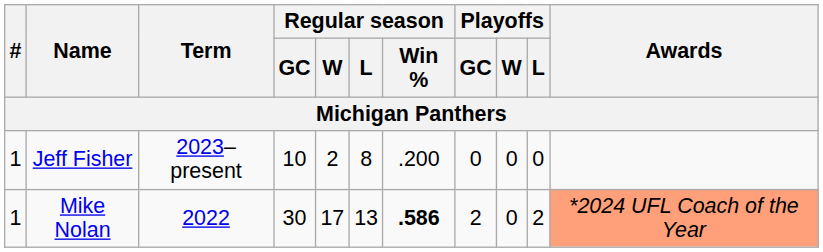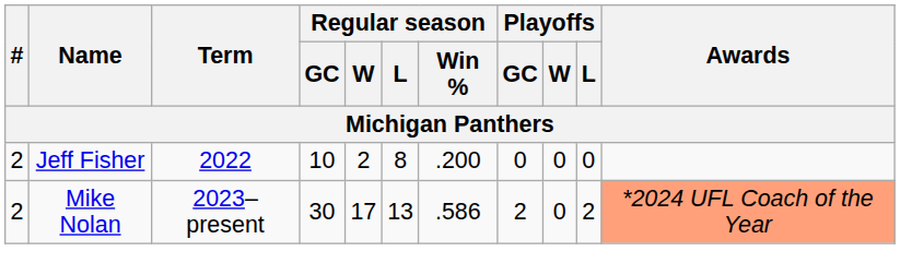 <table class="wikitable" style="text-align:center">
 <tr>
 <th rowspan="2">#</th>
 <th rowspan="2">Name</th>
 <th rowspan="2">Term</th>
 <th colspan="4">Regular season</th>
 <th colspan="3">Playoffs</th>
 <th rowspan="2">Awards</th>
 </tr>
 <tr>
 <th>GC</th>
 <th>W</th>
 <th>L</th>
 <th>Win %</th>
 <th>GC</th>
 <th>W</th>
 <th>L</th>
 </tr>
 <tr>
 <th colspan="11">Michigan Panthers</th>
 </tr>
 <tr>
-<td>1</td>
+<td>2</td>
 <td><a href='#'>Jeff Fisher</a></td>
-<td><a href='#'>2023</a>–present</td>
+<td><a href='#'>2022</a></td>
 <td>10</td>
 <td>2</td>
 <td>8</td>
 <td>.200</td>
 <td>0</td>
 <td>0</td>
 <td>0</td>
 <td></td>
 </tr>
 <tr>
-<td>1</td>
+<td>2</td>
 <td><a href='#'>Mike Nolan</a></td>
-<td><a href='#'>2022</a></td>
+<td><a href='#'>2023</a>–present</td>
 <td>30</td>
 <td>17</td>
 <td>13</td>
-<td><strong>.586</strong></td>
+<td>.586</td>
 <td>2</td>
 <td>0</td>
 <td>2</td>
 <td style="background: lightsalmon;"><em>*2024 UFL Coach of the Year</em></td>
 </tr>
 </table>
